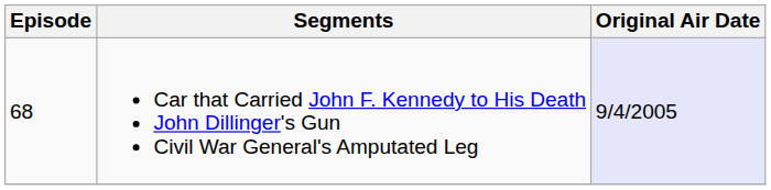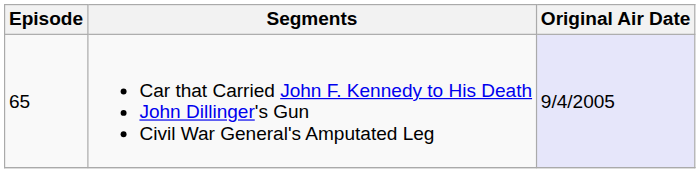 <table class="wikitable">
 <tr>
 <th>Episode</th>
 <th>Segments</th>
 <th>Original Air Date</th>
 </tr>
 <tr>
-<td>68</td>
+<td>65</td>
 <td><br><ul><li>Car that Carried <a href='#'>John F. Kennedy to His Death</a></li><li><a href='#'>John Dillinger</a>'s Gun</li><li>Civil War General's Amputated Leg</li></ul></td>
 <td style="background: lavender;">9/4/2005</td>
 </tr>
 <tr>
 </tr>
 </table>
